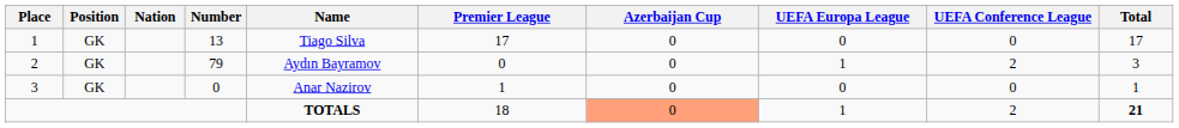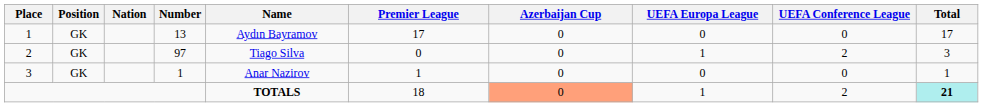 <table class="wikitable" style="font-size: 95%; text-align: center;">
 <tr>
 <th width=60>Place</th>
 <th width=60>Position</th>
 <th width=60>Nation</th>
 <th width=60>Number</th>
 <th width=200>Name</th>
 <th width=200><a href='#'>Premier League</a></th>
 <th width=200><a href='#'>Azerbaijan Cup</a></th>
 <th width=200><a href='#'>UEFA Europa League</a></th>
 <th width=200><a href='#'>UEFA Conference League</a></th>
 <th width=80><strong>Total</strong></th>
 </tr>
 <tr>
 <td>1</td>
 <td>GK</td>
 <td></td>
 <td>13</td>
-<td><a href='#'>Tiago Silva</a></td>
+<td><a href='#'>Aydın Bayramov</a></td>
 <td>17</td>
 <td>0</td>
 <td>0</td>
 <td>0</td>
 <td>17</td>
 </tr>
 <tr>
 <td>2</td>
 <td>GK</td>
 <td></td>
-<td>79</td>
-<td><a href='#'>Aydın Bayramov</a></td>
+<td>97</td>
+<td><a href='#'>Tiago Silva</a></td>
 <td>0</td>
 <td>0</td>
 <td>1</td>
 <td>2</td>
 <td>3</td>
 </tr>
 <tr>
 <td>3</td>
 <td>GK</td>
 <td></td>
-<td>0</td>
+<td>1</td>
 <td><a href='#'>Anar Nazirov</a></td>
 <td>1</td>
 <td>0</td>
 <td>0</td>
 <td>0</td>
 <td>1</td>
 </tr>
 <tr>
 <td colspan="4"></td>
 <td><strong>TOTALS</strong></td>
 <td>18</td>
 <td style="background: lightsalmon;">0</td>
 <td>1</td>
 <td>2</td>
-<td><strong>21</strong></td>
+<td style="background: paleturquoise;"><strong>21</strong></td>
 </tr>
 </table>
